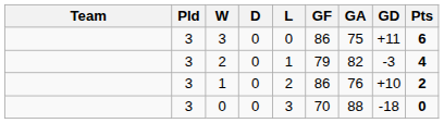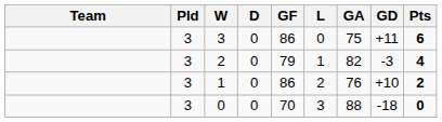 <table class="wikitable" style="text-align: center;">
 <tr>
 <th width="180">Team</th>
 <th width="30">Pld</th>
 <th width="30">W</th>
 <th width="30">D</th>
+<th width="30">GF</th>
 <th width="30">L</th>
-<th width="30">GF</th>
 <th width="30">GA</th>
 <th width="30">GD</th>
 <th width="30">Pts</th>
 </tr>
 <tr>
 <td align="left"></td>
 <td>3</td>
 <td>3</td>
 <td>0</td>
+<td>86</td>
 <td>0</td>
-<td>86</td>
 <td>75</td>
 <td>+11</td>
 <td><strong>6</strong></td>
 </tr>
 <tr>
 <td align="left"></td>
 <td>3</td>
 <td>2</td>
 <td>0</td>
+<td>79</td>
 <td>1</td>
-<td>79</td>
 <td>82</td>
 <td>-3</td>
 <td><strong>4</strong></td>
 </tr>
 <tr>
 <td align="left"></td>
 <td>3</td>
 <td>1</td>
 <td>0</td>
+<td>86</td>
 <td>2</td>
-<td>86</td>
 <td>76</td>
 <td>+10</td>
 <td><strong>2</strong></td>
 </tr>
 <tr>
 <td align="left"></td>
 <td>3</td>
 <td>0</td>
 <td>0</td>
+<td>70</td>
 <td>3</td>
-<td>70</td>
 <td>88</td>
 <td>-18</td>
 <td><strong>0</strong></td>
 </tr>
 </table>
